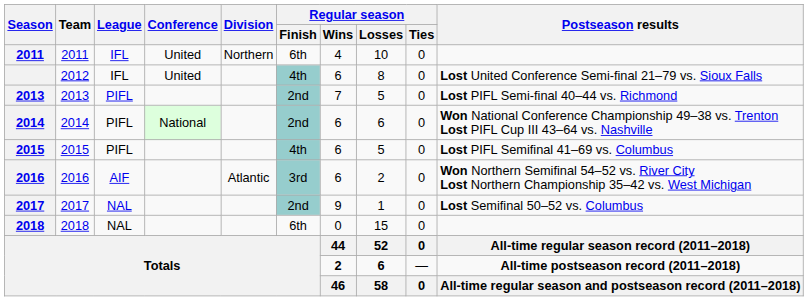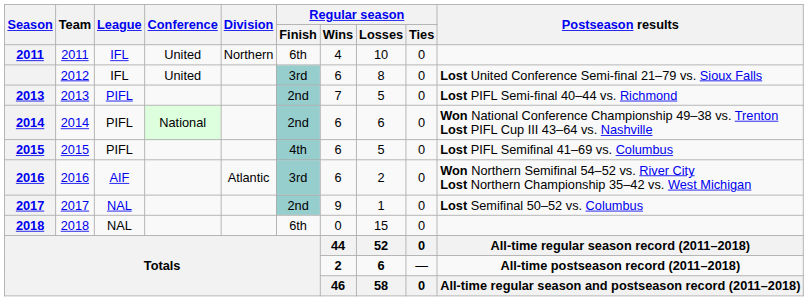 <table class="wikitable" style="text-align:center; font-size: 95%;">
 <tr>
 <th rowspan="2"><a href='#'>Season</a></th>
 <th rowspan="2">Team</th>
 <th rowspan="2"><a href='#'>League</a></th>
 <th rowspan="2"><a href='#'>Conference</a></th>
 <th rowspan="2"><a href='#'>Division</a></th>
 <th colspan="4"><a href='#'>Regular season</a></th>
 <th rowspan="2"><a href='#'>Postseason</a> results</th>
 </tr>
 <tr>
 <th>Finish</th>
 <th>Wins</th>
 <th>Losses</th>
 <th>Ties</th>
 </tr>
 <tr>
 <th><a href='#'>2011</a></th>
 <td><a href='#'>2011</a></td>
 <td><a href='#'>IFL</a></td>
 <td>United</td>
 <td>Northern</td>
 <td>6th</td>
 <td>4</td>
 <td>10</td>
 <td>0</td>
 <td align=left></td>
 </tr>
 <tr>
 <th></th>
 <td><a href='#'>2012</a></td>
 <td>IFL</td>
 <td>United</td>
 <td></td>
-<td bgcolor=#96cdcd>4th</td>
+<td bgcolor=#96cdcd>3rd</td>
 <td>6</td>
 <td>8</td>
 <td>0</td>
 <td align=left><strong>Lost</strong> United Conference Semi-final 21–79 vs. <a href='#'>Sioux Falls</a></td>
 </tr>
 <tr>
 <th><a href='#'>2013</a></th>
 <td><a href='#'>2013</a></td>
 <td><a href='#'>PIFL</a></td>
 <td></td>
 <td></td>
 <td bgcolor=#96cdcd>2nd</td>
 <td>7</td>
 <td>5</td>
 <td>0</td>
 <td align=left><strong>Lost</strong> PIFL Semi-final 40–44 vs. <a href='#'>Richmond</a></td>
 </tr>
 <tr>
 <th><a href='#'>2014</a></th>
 <td><a href='#'>2014</a></td>
 <td>PIFL</td>
 <td bgcolor=#dfd>National</td>
 <td></td>
 <td bgcolor=#96cdcd>2nd</td>
 <td>6</td>
 <td>6</td>
 <td>0</td>
 <td align=left><strong>Won</strong> National Conference Championship 49–38 vs. <a href='#'>Trenton</a><br><strong>Lost</strong> PIFL Cup III 43–64 vs. <a href='#'>Nashville</a></td>
 </tr>
 <tr>
 <th><a href='#'>2015</a></th>
 <td><a href='#'>2015</a></td>
 <td>PIFL</td>
 <td></td>
 <td></td>
 <td bgcolor=#96cdcd>4th</td>
 <td>6</td>
 <td>5</td>
 <td>0</td>
 <td align=left><strong>Lost</strong> PIFL Semifinal 41–69 vs. <a href='#'>Columbus</a></td>
 </tr>
 <tr>
 <th><a href='#'>2016</a></th>
 <td><a href='#'>2016</a></td>
 <td><a href='#'>AIF</a></td>
 <td></td>
 <td>Atlantic</td>
 <td bgcolor=#96cdcd>3rd</td>
 <td>6</td>
 <td>2</td>
 <td>0</td>
 <td align=left><strong>Won</strong> Northern Semifinal 54–52 vs. <a href='#'>River City</a><br><strong>Lost</strong> Northern Championship 35–42 vs. <a href='#'>West Michigan</a></td>
 </tr>
 <tr>
 <th><a href='#'>2017</a></th>
 <td><a href='#'>2017</a></td>
 <td><a href='#'>NAL</a></td>
 <td></td>
 <td></td>
 <td bgcolor=#96cdcd>2nd</td>
 <td>9</td>
 <td>1</td>
 <td>0</td>
 <td align=left><strong>Lost</strong> Semifinal 50–52 vs. <a href='#'>Columbus</a></td>
 </tr>
 <tr>
 <th><a href='#'>2018</a></th>
 <td><a href='#'>2018</a></td>
 <td>NAL</td>
 <td></td>
 <td></td>
 <td>6th</td>
 <td>0</td>
 <td>15</td>
 <td>0</td>
 <td align=left></td>
 </tr>
 <tr>
 <th rowspan="5" colspan="6">Totals</th>
 <th>44</th>
 <th>52</th>
 <th>0</th>
 <th colspan="3">All-time regular season record (2011–2018)</th>
 </tr>
 <tr>
 <td><strong>2</strong></td>
 <td><strong>6</strong></td>
 <td>—</td>
 <td colspan="3"><strong>All-time postseason record (2011–2018)</strong></td>
 </tr>
 <tr>
 <th>46</th>
 <th>58</th>
 <th>0</th>
 <th colspan="3">All-time regular season and postseason record (2011–2018)</th>
 </tr>
 </table>
